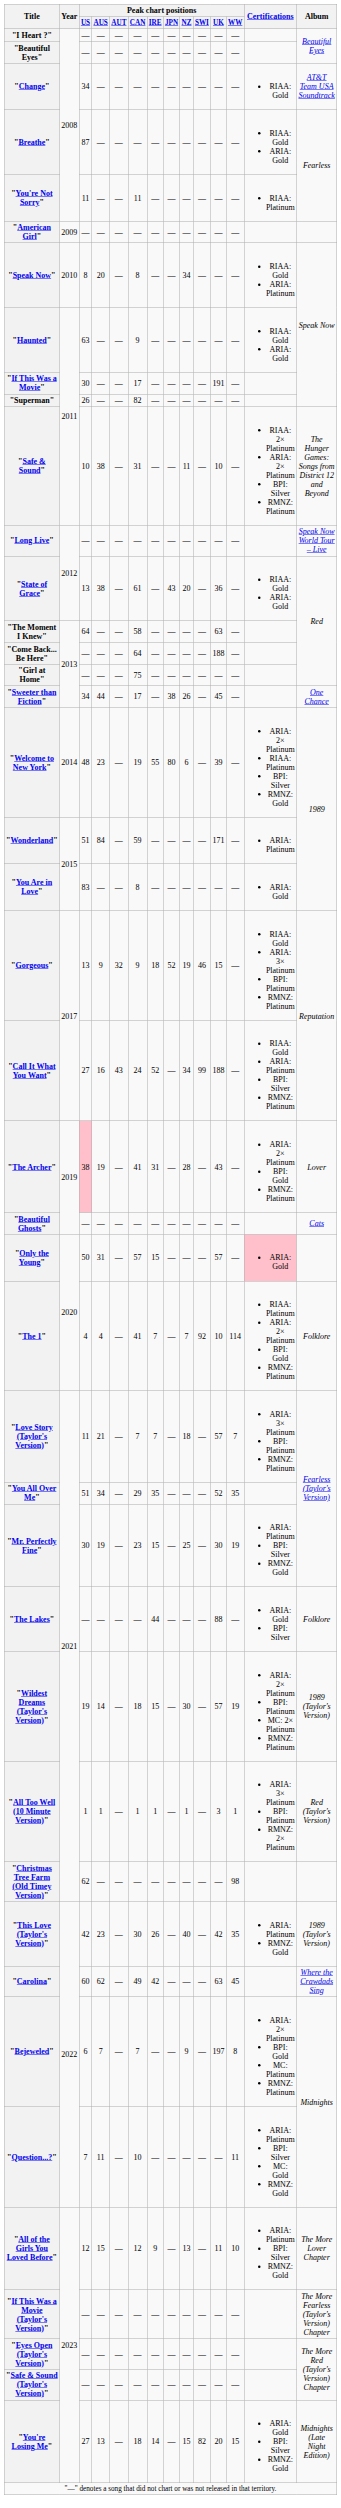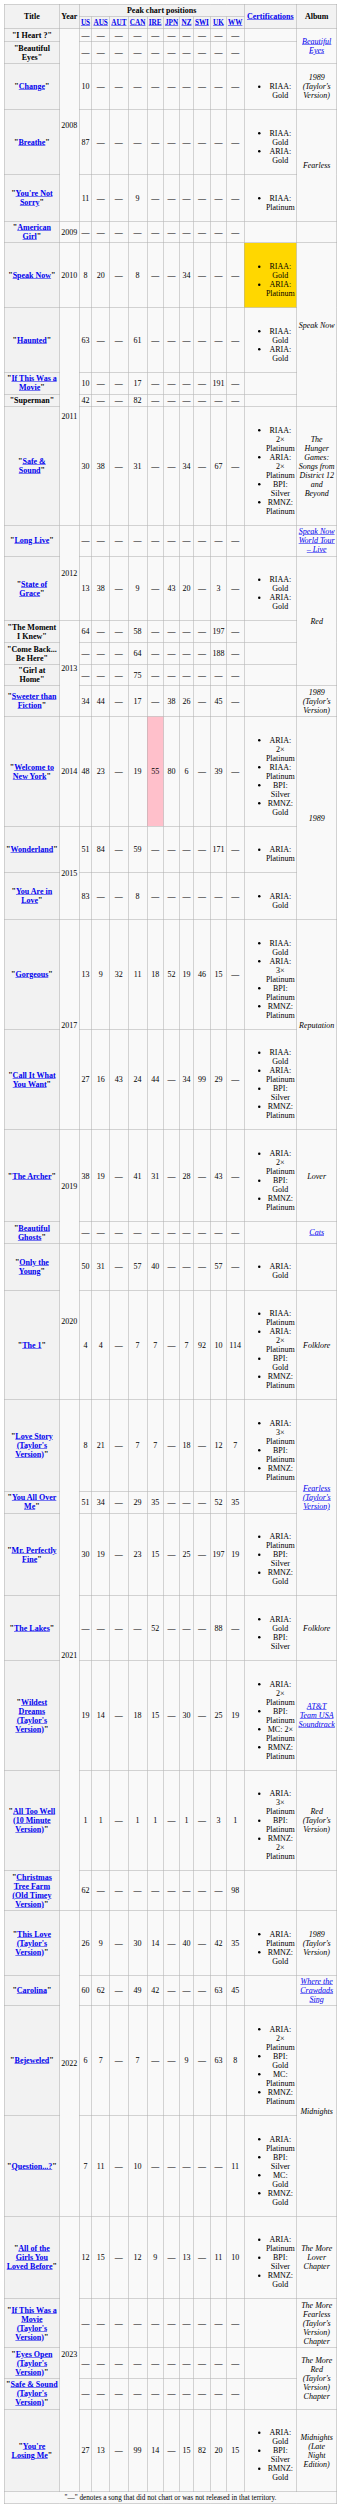 <table class="wikitable plainrowheaders" style="text-align:center;">
 <tr>
 <th scope="col" rowspan="2" style="width:15em;">Title</th>
 <th scope="col" rowspan="2">Year</th>
 <th scope="col" colspan="10">Peak chart positions</th>
 <th scope="col" rowspan="2" style="width:14em;"><a href='#'>Certifications</a></th>
 <th scope="col" rowspan="2" style="width:10em;">Album</th>
 </tr>
 <tr>
 <th scope="col" style="width:2.5em;font-size:90%;"><a href='#'>US</a><br></th>
 <th scope="col" style="width:2.5em;font-size:90%;"><a href='#'>AUS</a><br></th>
 <th scope="col" style="width:2.5em;font-size:90%;"><a href='#'>AUT</a><br></th>
 <th scope="col" style="width:2.5em;font-size:90%;"><a href='#'>CAN</a><br></th>
 <th scope="col" style="width:2.5em;font-size:90%;"><a href='#'>IRE</a><br></th>
 <th scope="col" style="width:2.5em;font-size:90%;"><a href='#'>JPN</a><br></th>
 <th scope="col" style="width:2.5em;font-size:90%;"><a href='#'>NZ</a><br></th>
 <th scope="col" style="width:2.5em;font-size:90%;"><a href='#'>SWI</a><br></th>
 <th scope="col" style="width:2.5em;font-size:90%;"><a href='#'>UK</a><br></th>
 <th scope="col" style="width:2.5em;font-size:90%;"><a href='#'>WW</a><br></th>
 </tr>
 <tr>
 <th scope="row">"I Heart ?"</th>
 <td rowspan="5">2008</td>
 <td>—</td>
 <td>—</td>
 <td>—</td>
 <td>—</td>
 <td>—</td>
 <td>—</td>
 <td>—</td>
 <td>—</td>
 <td>—</td>
 <td>—</td>
 <td></td>
 <td rowspan="2"><em><a href='#'>Beautiful Eyes</a></em></td>
 </tr>
 <tr>
 <th scope="row">"Beautiful Eyes"</th>
 <td>—</td>
 <td>—</td>
 <td>—</td>
 <td>—</td>
 <td>—</td>
 <td>—</td>
 <td>—</td>
 <td>—</td>
 <td>—</td>
 <td>—</td>
 <td></td>
 </tr>
 <tr>
 <th scope="row">"<a href='#'>Change</a>"</th>
-<td>34</td>
+<td>10</td>
 <td>—</td>
 <td>—</td>
 <td>—</td>
 <td>—</td>
 <td>—</td>
 <td>—</td>
 <td>—</td>
 <td>—</td>
 <td>—</td>
 <td><br><ul><li>RIAA: Gold</li></ul></td>
-<td><em><a href='#'>AT&T Team USA Soundtrack</a></em></td>
+<td><em>1989 (Taylor's Version)</em></td>
 </tr>
 <tr>
 <th scope="row">"<a href='#'>Breathe</a>"<br></th>
 <td>87</td>
 <td>—</td>
 <td>—</td>
 <td>—</td>
 <td>—</td>
 <td>—</td>
 <td>—</td>
 <td>—</td>
 <td>—</td>
 <td>—</td>
 <td><br><ul><li>RIAA: Gold</li><li>ARIA: Gold</li></ul></td>
 <td rowspan="2"><em>Fearless</em></td>
 </tr>
 <tr>
 <th scope="row">"<a href='#'>You're Not Sorry</a>"</th>
 <td>11</td>
 <td>—</td>
 <td>—</td>
-<td>11</td>
+<td>9</td>
 <td>—</td>
 <td>—</td>
 <td>—</td>
 <td>—</td>
 <td>—</td>
 <td>—</td>
 <td><br><ul><li>RIAA: Platinum</li></ul></td>
 </tr>
 <tr>
 <th scope="row">"<a href='#'>American Girl</a>"</th>
 <td>2009</td>
 <td>—</td>
 <td>—</td>
 <td>—</td>
 <td>—</td>
 <td>—</td>
 <td>—</td>
 <td>—</td>
 <td>—</td>
 <td>—</td>
 <td>—</td>
 <td></td>
 <td></td>
 </tr>
 <tr>
 <th scope="row">"<a href='#'>Speak Now</a>"</th>
 <td>2010</td>
 <td>8</td>
 <td>20</td>
 <td>—</td>
 <td>8</td>
 <td>—</td>
 <td>—</td>
 <td>34</td>
 <td>—</td>
 <td>—</td>
 <td>—</td>
-<td><br><ul><li>RIAA: Gold</li><li>ARIA: Platinum</li></ul></td>
+<td style="background: gold;"><br><ul><li>RIAA: Gold</li><li>ARIA: Platinum</li></ul></td>
 <td rowspan="4"><em>Speak Now</em></td>
 </tr>
 <tr>
 <th scope="row">"<a href='#'>Haunted</a>"</th>
 <td rowspan="4">2011</td>
 <td>63</td>
 <td>—</td>
 <td>—</td>
-<td>9</td>
+<td>61</td>
 <td>—</td>
 <td>—</td>
 <td>—</td>
 <td>—</td>
 <td>—</td>
 <td>—</td>
 <td><br><ul><li>RIAA: Gold</li><li>ARIA: Gold</li></ul></td>
 </tr>
 <tr>
 <th scope="row">"<a href='#'>If This Was a Movie</a>"</th>
-<td>30</td>
+<td>10</td>
 <td>—</td>
 <td>—</td>
 <td>17</td>
 <td>—</td>
 <td>—</td>
 <td>—</td>
 <td>—</td>
 <td>191</td>
 <td>—</td>
 <td></td>
 </tr>
 <tr>
 <th scope="row">"Superman"</th>
-<td>26</td>
+<td>42</td>
 <td>—</td>
 <td>—</td>
 <td>82</td>
 <td>—</td>
 <td>—</td>
 <td>—</td>
 <td>—</td>
 <td>—</td>
 <td>—</td>
 <td></td>
 </tr>
 <tr>
 <th scope="row">"<a href='#'>Safe & Sound</a>"<br></th>
-<td>10</td>
+<td>30</td>
 <td>38</td>
 <td>—</td>
 <td>31</td>
 <td>—</td>
 <td>—</td>
-<td>11</td>
+<td>34</td>
 <td>—</td>
-<td>10</td>
+<td>67</td>
 <td>—</td>
 <td><br><ul><li>RIAA: 2× Platinum</li><li>ARIA: 2× Platinum</li><li>BPI: Silver</li><li>RMNZ: Platinum</li></ul></td>
 <td><em>The Hunger Games: Songs from District 12 and Beyond</em></td>
 </tr>
 <tr>
 <th scope="row">"<a href='#'>Long Live</a>"<br></th>
 <td rowspan="2">2012</td>
 <td>—</td>
 <td>—</td>
 <td>—</td>
 <td>—</td>
 <td>—</td>
 <td>—</td>
 <td>—</td>
 <td>—</td>
 <td>—</td>
 <td>—</td>
 <td></td>
 <td><em><a href='#'>Speak Now World Tour – Live</a></em></td>
 </tr>
 <tr>
 <th scope="row">"<a href='#'>State of Grace</a>"</th>
 <td>13</td>
 <td>38</td>
 <td>—</td>
-<td>61</td>
+<td>9</td>
 <td>—</td>
 <td>43</td>
 <td>20</td>
 <td>—</td>
-<td>36</td>
+<td>3</td>
 <td>—</td>
 <td><br><ul><li>RIAA: Gold</li><li>ARIA: Gold</li></ul></td>
 <td rowspan="4"><em>Red</em></td>
 </tr>
 <tr>
 <th scope="row">"The Moment I Knew"</th>
 <td rowspan="4">2013</td>
 <td>64</td>
 <td>—</td>
 <td>—</td>
 <td>58</td>
 <td>—</td>
 <td>—</td>
 <td>—</td>
 <td>—</td>
-<td>63</td>
+<td>197</td>
 <td>—</td>
 <td></td>
 </tr>
 <tr>
 <th scope="row">"Come Back... Be Here"</th>
 <td>—</td>
 <td>—</td>
 <td>—</td>
 <td>64</td>
 <td>—</td>
 <td>—</td>
 <td>—</td>
 <td>—</td>
 <td>188</td>
 <td>—</td>
 <td></td>
 </tr>
 <tr>
 <th scope="row">"Girl at Home"</th>
 <td>—</td>
 <td>—</td>
 <td>—</td>
 <td>75</td>
 <td>—</td>
 <td>—</td>
 <td>—</td>
 <td>—</td>
 <td>—</td>
 <td>—</td>
 <td></td>
 </tr>
 <tr>
 <th scope="row">"<a href='#'>Sweeter than Fiction</a>"</th>
 <td>34</td>
 <td>44</td>
 <td>—</td>
 <td>17</td>
 <td>—</td>
 <td>38</td>
 <td>26</td>
 <td>—</td>
 <td>45</td>
 <td>—</td>
 <td></td>
-<td><em><a href='#'>One Chance</a></em></td>
+<td><em>1989 (Taylor's Version)</em></td>
 </tr>
 <tr>
 <th scope="row">"<a href='#'>Welcome to New York</a>"</th>
 <td>2014</td>
 <td>48</td>
 <td>23</td>
 <td>—</td>
 <td>19</td>
-<td>55</td>
+<td style="background: pink;">55</td>
 <td>80</td>
 <td>6</td>
 <td>—</td>
 <td>39</td>
 <td>—</td>
 <td><br><ul><li>ARIA: 2× Platinum</li><li>RIAA: Platinum</li><li>BPI: Silver</li><li>RMNZ: Gold</li></ul></td>
 <td rowspan="3"><em>1989</em></td>
 </tr>
 <tr>
 <th scope="row">"<a href='#'>Wonderland</a>"</th>
 <td rowspan="2">2015</td>
 <td>51</td>
 <td>84</td>
 <td>—</td>
 <td>59</td>
 <td>—</td>
 <td>—</td>
 <td>—</td>
 <td>—</td>
 <td>171</td>
 <td>—</td>
 <td><br><ul><li>ARIA: Platinum</li></ul></td>
 </tr>
 <tr>
 <th scope="row">"<a href='#'>You Are in Love</a>"</th>
 <td>83</td>
 <td>—</td>
 <td>—</td>
 <td>8</td>
 <td>—</td>
 <td>—</td>
 <td>—</td>
 <td>—</td>
 <td>—</td>
 <td>—</td>
 <td><br><ul><li>ARIA: Gold</li></ul></td>
 </tr>
 <tr>
 <th scope="row">"<a href='#'>Gorgeous</a>"</th>
 <td rowspan="2">2017</td>
 <td>13</td>
 <td>9</td>
 <td>32</td>
-<td>9</td>
+<td>11</td>
 <td>18</td>
 <td>52</td>
 <td>19</td>
 <td>46</td>
 <td>15</td>
 <td>—</td>
 <td><br><ul><li>RIAA: Gold</li><li>ARIA: 3× Platinum</li><li>BPI: Platinum</li><li>RMNZ: Platinum</li></ul></td>
 <td rowspan="2"><em>Reputation</em></td>
 </tr>
 <tr>
 <th scope="row">"<a href='#'>Call It What You Want</a>"</th>
 <td>27</td>
 <td>16</td>
 <td>43</td>
 <td>24</td>
-<td>52</td>
+<td>44</td>
 <td>—</td>
 <td>34</td>
 <td>99</td>
-<td>188</td>
+<td>29</td>
 <td>—</td>
 <td><br><ul><li>RIAA: Gold</li><li>ARIA: Platinum</li><li>BPI: Silver</li><li>RMNZ: Platinum</li></ul></td>
 </tr>
 <tr>
 <th scope="row">"<a href='#'>The Archer</a>"</th>
 <td rowspan="2">2019</td>
-<td style="background: pink;">38</td>
+<td>38</td>
 <td>19</td>
 <td>—</td>
 <td>41</td>
 <td>31</td>
 <td>—</td>
 <td>28</td>
 <td>—</td>
 <td>43</td>
 <td>—</td>
 <td><br><ul><li>ARIA: 2× Platinum</li><li>BPI: Gold</li><li>RMNZ: Platinum</li></ul></td>
 <td><em>Lover</em></td>
 </tr>
 <tr>
 <th scope="row">"<a href='#'>Beautiful Ghosts</a>"</th>
 <td>—</td>
 <td>—</td>
 <td>—</td>
 <td>—</td>
 <td>—</td>
 <td>—</td>
 <td>—</td>
 <td>—</td>
 <td>—</td>
 <td>—</td>
 <td></td>
 <td><em><a href='#'>Cats</a></em></td>
 </tr>
 <tr>
 <th scope="row">"<a href='#'>Only the Young</a>"</th>
 <td rowspan="2">2020</td>
 <td>50</td>
 <td>31</td>
 <td>—</td>
 <td>57</td>
-<td>15</td>
+<td>40</td>
 <td>—</td>
 <td>—</td>
 <td>—</td>
 <td>57</td>
 <td>—</td>
-<td style="background: pink;"><br><ul><li>ARIA: Gold</li></ul></td>
+<td><br><ul><li>ARIA: Gold</li></ul></td>
 <td></td>
 </tr>
 <tr>
 <th scope="row">"<a href='#'>The 1</a>"</th>
 <td>4</td>
 <td>4</td>
 <td>—</td>
-<td>41</td>
+<td>7</td>
 <td>7</td>
 <td>—</td>
 <td>7</td>
 <td>92</td>
 <td>10</td>
 <td>114</td>
 <td><br><ul><li>RIAA: Platinum</li><li>ARIA: 2× Platinum</li><li>BPI: Gold</li><li>RMNZ: Platinum</li></ul></td>
 <td><em>Folklore</em></td>
 </tr>
 <tr>
 <th scope="row">"<a href='#'>Love Story (Taylor's Version)</a>"</th>
 <td rowspan="7">2021</td>
-<td>11</td>
+<td>8</td>
 <td>21</td>
 <td>—</td>
 <td>7</td>
 <td>7</td>
 <td>—</td>
 <td>18</td>
 <td>—</td>
-<td>57</td>
+<td>12</td>
 <td>7</td>
 <td><br><ul><li>ARIA: 3× Platinum</li><li>BPI: Platinum</li><li>RMNZ: Platinum</li></ul></td>
 <td rowspan="3"><em><a href='#'>Fearless (Taylor's Version)</a></em></td>
 </tr>
 <tr>
 <th scope="row">"<a href='#'>You All Over Me</a>"<br></th>
 <td>51</td>
 <td>34</td>
 <td>—</td>
 <td>29</td>
 <td>35</td>
 <td>—</td>
 <td>—</td>
 <td>—</td>
 <td>52</td>
 <td>35</td>
 <td></td>
 </tr>
 <tr>
 <th scope="row">"<a href='#'>Mr. Perfectly Fine</a>"</th>
 <td>30</td>
 <td>19</td>
 <td>—</td>
 <td>23</td>
 <td>15</td>
 <td>—</td>
 <td>25</td>
 <td>—</td>
-<td>30</td>
+<td>197</td>
 <td>19</td>
 <td><br><ul><li>ARIA: Platinum</li><li>BPI: Silver</li><li>RMNZ: Gold</li></ul></td>
 </tr>
 <tr>
 <th scope="row">"<a href='#'>The Lakes</a>"</th>
 <td>—</td>
 <td>—</td>
 <td>—</td>
 <td>—</td>
-<td>44</td>
+<td>52</td>
 <td>—</td>
 <td>—</td>
 <td>—</td>
 <td>88</td>
 <td>—</td>
 <td><br><ul><li>ARIA: Gold</li><li>BPI: Silver</li></ul></td>
 <td><em>Folklore</em></td>
 </tr>
 <tr>
 <th scope="row">"<a href='#'>Wildest Dreams (Taylor's Version)</a>"</th>
 <td>19</td>
 <td>14</td>
 <td>—</td>
 <td>18</td>
 <td>15</td>
 <td>—</td>
 <td>30</td>
 <td>—</td>
-<td>57</td>
+<td>25</td>
 <td>19</td>
 <td><br><ul><li>ARIA: 2× Platinum</li><li>BPI: Platinum</li><li>MC: 2× Platinum</li><li>RMNZ: Platinum</li></ul></td>
-<td><em>1989 (Taylor's Version)</em></td>
+<td><em><a href='#'>AT&T Team USA Soundtrack</a></em></td>
 </tr>
 <tr>
 <th scope="row">"<a href='#'>All Too Well (10 Minute Version)</a>"</th>
 <td>1</td>
 <td>1</td>
 <td>—</td>
 <td>1</td>
 <td>1</td>
 <td>—</td>
 <td>1</td>
 <td>—</td>
 <td>3</td>
 <td>1</td>
 <td><br><ul><li>ARIA: 3× Platinum</li><li>BPI: Platinum</li><li>RMNZ: 2× Platinum</li></ul></td>
 <td><em>Red (Taylor's Version)</em></td>
 </tr>
 <tr>
 <th scope="row">"<a href='#'>Christmas Tree Farm (Old Timey Version)</a>"</th>
 <td>62</td>
 <td>—</td>
 <td>—</td>
 <td>—</td>
 <td>—</td>
 <td>—</td>
 <td>—</td>
 <td>—</td>
 <td>—</td>
 <td>98</td>
 <td></td>
 <td></td>
 </tr>
 <tr>
 <th scope="row">"<a href='#'>This Love (Taylor's Version)</a>"</th>
 <td rowspan="4">2022</td>
-<td>42</td>
-<td>23</td>
+<td>26</td>
+<td>9</td>
 <td>—</td>
 <td>30</td>
-<td>26</td>
+<td>14</td>
 <td>—</td>
 <td>40</td>
 <td>—</td>
 <td>42</td>
 <td>35</td>
 <td><br><ul><li>ARIA: Platinum</li><li>RMNZ: Gold</li></ul></td>
 <td><em>1989 (Taylor's Version)</em></td>
 </tr>
 <tr>
 <th scope="row">"<a href='#'>Carolina</a>"</th>
 <td>60</td>
 <td>62</td>
 <td>—</td>
 <td>49</td>
 <td>42</td>
 <td>—</td>
 <td>—</td>
 <td>—</td>
 <td>63</td>
 <td>45</td>
 <td></td>
 <td><em><a href='#'>Where the Crawdads Sing</a></em></td>
 </tr>
 <tr>
 <th scope="row">"<a href='#'>Bejeweled</a>"</th>
 <td>6</td>
 <td>7</td>
 <td>—</td>
 <td>7</td>
 <td>—</td>
 <td>—</td>
 <td>9</td>
 <td>—</td>
-<td>197</td>
+<td>63</td>
 <td>8</td>
 <td><br><ul><li>ARIA: 2× Platinum</li><li>BPI: Gold</li><li>MC: Platinum</li><li>RMNZ: Platinum</li></ul></td>
 <td rowspan="2"><em>Midnights</em></td>
 </tr>
 <tr>
 <th scope="row">"<a href='#'>Question...?</a>"</th>
 <td>7</td>
 <td>11</td>
 <td>—</td>
 <td>10</td>
 <td>—</td>
 <td>—</td>
 <td>—</td>
 <td>—</td>
 <td>—</td>
 <td>11</td>
 <td><br><ul><li>ARIA: Platinum</li><li>BPI: Silver</li><li>MC: Gold</li><li>RMNZ: Gold</li></ul></td>
 </tr>
 <tr>
 <th scope="row">"<a href='#'>All of the Girls You Loved Before</a>"</th>
 <td rowspan="5">2023</td>
 <td>12</td>
 <td>15</td>
 <td>—</td>
 <td>12</td>
 <td>9</td>
 <td>—</td>
 <td>13</td>
 <td>—</td>
 <td>11</td>
 <td>10</td>
 <td><br><ul><li>ARIA: Platinum</li><li>BPI: Silver</li><li>RMNZ: Gold</li></ul></td>
 <td><em>The More Lover Chapter</em></td>
 </tr>
 <tr>
 <th scope="row">"<a href='#'>If This Was a Movie (Taylor's Version)</a>"</th>
 <td>—</td>
 <td>—</td>
 <td>—</td>
 <td>—</td>
 <td>—</td>
 <td>—</td>
 <td>—</td>
 <td>—</td>
 <td>—</td>
 <td>—</td>
 <td></td>
 <td><em>The More Fearless (Taylor's Version) Chapter</em></td>
 </tr>
 <tr>
 <th scope="row">"<a href='#'>Eyes Open (Taylor's Version)</a>"</th>
 <td>—</td>
 <td>—</td>
 <td>—</td>
 <td>—</td>
 <td>—</td>
 <td>—</td>
 <td>—</td>
 <td>—</td>
 <td>—</td>
 <td>—</td>
 <td></td>
 <td rowspan="2"><em>The More Red (Taylor's Version) Chapter</em></td>
 </tr>
 <tr>
 <th scope="row">"<a href='#'>Safe & Sound (Taylor's Version)</a>"<br></th>
 <td>—</td>
 <td>—</td>
 <td>—</td>
 <td>—</td>
 <td>—</td>
 <td>—</td>
 <td>—</td>
 <td>—</td>
 <td>—</td>
 <td>—</td>
 <td></td>
 </tr>
 <tr>
 <th scope="row">"<a href='#'>You're Losing Me</a>"</th>
 <td>27</td>
 <td>13</td>
 <td>—</td>
-<td>18</td>
+<td>99</td>
 <td>14</td>
 <td>—</td>
 <td>15</td>
 <td>82</td>
 <td>20</td>
 <td>15</td>
 <td><br><ul><li>ARIA: Gold</li><li>BPI: Silver</li><li>RMNZ: Gold</li></ul></td>
 <td><em>Midnights (Late Night Edition)</em></td>
 </tr>
 <tr>
 <td colspan="14" style="font-size:90%">"—" denotes a song that did not chart or was not released in that territory.</td>
 </tr>
 </table>
